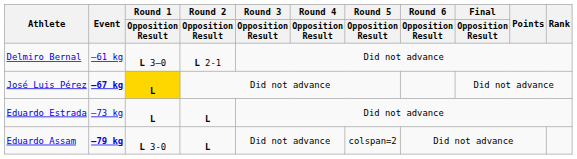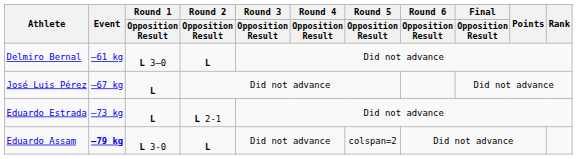 <table class="wikitable" style="font-size:90%;">
 <tr>
 <th rowspan=2>Athlete</th>
 <th rowspan=2>Event</th>
 <th>Round 1</th>
 <th>Round 2</th>
 <th>Round 3</th>
 <th>Round 4</th>
 <th>Round 5</th>
 <th>Round 6</th>
 <th>Final</th>
 <th rowspan=2>Points</th>
 <th rowspan=2>Rank</th>
 </tr>
 <tr style="font-size: 95%">
 <th>Opposition<br>Result</th>
 <th>Opposition<br>Result</th>
 <th>Opposition<br>Result</th>
 <th>Opposition<br>Result</th>
 <th>Opposition<br>Result</th>
 <th>Opposition<br>Result</th>
 <th>Opposition<br>Result</th>
 </tr>
 <tr align=center>
 <td align=left><a href='#'>Delmiro Bernal</a></td>
 <td align=left><a href='#'>–61 kg</a></td>
 <td><br><strong>L</strong> 3–0 <sup></sup></td>
-<td><br><strong>L</strong> 2-1 <sup></sup></td>
+<td><br><strong>L</strong> <sup></sup></td>
 <td colspan=7>Did not advance</td>
 </tr>
 <tr align=center>
 <td align=left><a href='#'>José Luis Pérez</a></td>
-<td align=left><strong><a href='#'>–67 kg</a></strong></td>
-<td style="background: gold;"><br><strong>L</strong> <sup></sup></td>
+<td align=left><a href='#'>–67 kg</a></td>
+<td><br><strong>L</strong> <sup></sup></td>
 <td colspan=4>Did not advance</td>
 <td></td>
 <td colspan=3>Did not advance</td>
 </tr>
 <tr align=center>
 <td align=left><a href='#'>Eduardo Estrada</a></td>
 <td align=left><a href='#'>–73 kg</a></td>
 <td><br><strong>L</strong> <sup></sup></td>
-<td><br><strong>L</strong> <sup></sup></td>
+<td><br><strong>L</strong> 2-1 <sup></sup></td>
 <td colspan=7>Did not advance</td>
 </tr>
 <tr align=center>
 <td align=left><a href='#'>Eduardo Assam</a></td>
 <td align=left><strong><a href='#'>–79 kg</a></strong></td>
 <td><br><strong>L</strong> 3-0 <sup></sup></td>
 <td><br><strong>L</strong> <sup></sup></td>
 <td colspan=2>Did not advance</td>
 <td>colspan=2 </td>
 <td colspan=3>Did not advance</td>
 </tr>
 </table>
